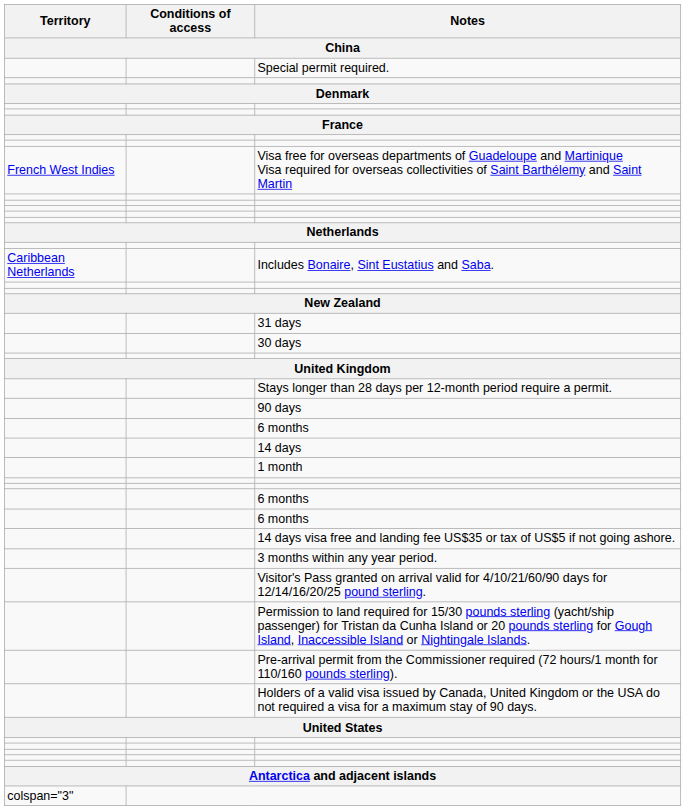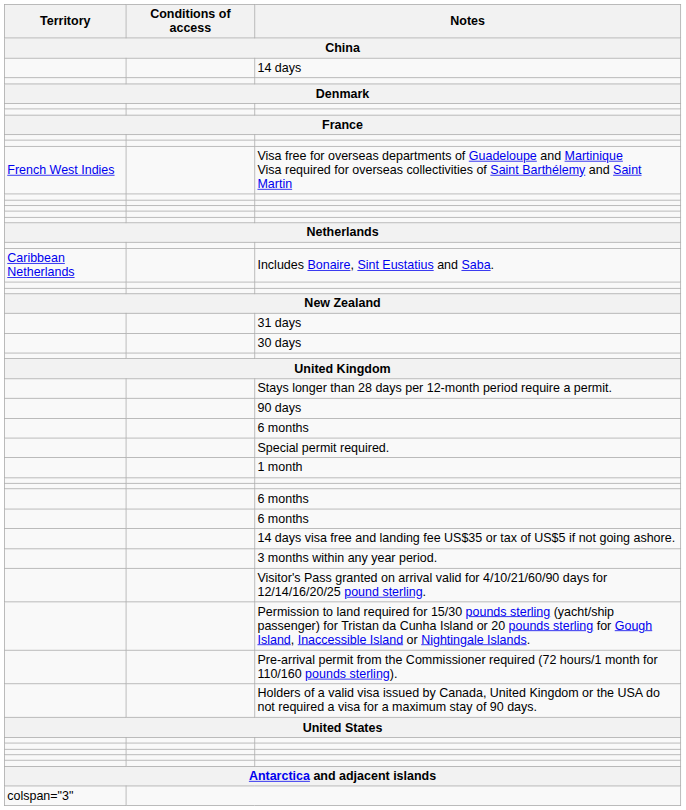 <table class="wikitable" style="text-align: left; table-layout: fixed;">
 <tr>
 <th style="width:18%;">Territory</th>
 <th style="width:19%;">Conditions of access</th>
 <th>Notes</th>
 </tr>
 <tr>
 <th colspan="3">China</th>
 </tr>
 <tr>
 <td></td>
 <td></td>
-<td>Special permit required.</td>
+<td>14 days</td>
 </tr>
 <tr>
 <td></td>
 <td></td>
 <td></td>
 </tr>
 <tr>
 <th colspan="3">Denmark</th>
 </tr>
 <tr>
 <td></td>
 <td></td>
 <td></td>
 </tr>
 <tr>
 <td></td>
 <td></td>
 <td></td>
 </tr>
 <tr>
 <th colspan="3">France</th>
 </tr>
 <tr>
 <td></td>
 <td></td>
 <td></td>
 </tr>
 <tr>
 <td></td>
 <td></td>
 <td></td>
 </tr>
 <tr>
 <td> <a href='#'>French West Indies</a></td>
 <td></td>
 <td>Visa free for overseas departments of <a href='#'>Guadeloupe</a> and <a href='#'>Martinique</a><br> Visa required for overseas collectivities of <a href='#'>Saint Barthélemy</a> and <a href='#'>Saint Martin</a></td>
 </tr>
 <tr>
 <td></td>
 <td></td>
 <td></td>
 </tr>
 <tr>
 <td></td>
 <td></td>
 <td></td>
 </tr>
 <tr>
 <td></td>
 <td></td>
 <td></td>
 </tr>
 <tr>
 <td></td>
 <td></td>
 <td></td>
 </tr>
 <tr>
 <td></td>
 <td></td>
 <td></td>
 </tr>
 <tr>
 <th colspan="3">Netherlands</th>
 </tr>
 <tr>
 <td></td>
 <td></td>
 <td></td>
 </tr>
 <tr>
 <td> <a href='#'>Caribbean Netherlands</a></td>
 <td></td>
 <td>Includes <a href='#'>Bonaire</a>, <a href='#'>Sint Eustatius</a> and <a href='#'>Saba</a>.</td>
 </tr>
 <tr>
 <td></td>
 <td></td>
 <td></td>
 </tr>
 <tr>
 <td></td>
 <td></td>
 <td></td>
 </tr>
 <tr>
 <th colspan="3">New Zealand</th>
 </tr>
 <tr>
 <td></td>
 <td></td>
 <td>31 days</td>
 </tr>
 <tr>
 <td></td>
 <td></td>
 <td>30 days</td>
 </tr>
 <tr>
 <td></td>
 <td></td>
 <td></td>
 </tr>
 <tr>
 <th colspan="3">United Kingdom</th>
 </tr>
 <tr>
 <td></td>
 <td></td>
 <td>Stays longer than 28 days per 12-month period require a permit.</td>
 </tr>
 <tr>
 <td></td>
 <td></td>
 <td>90 days</td>
 </tr>
 <tr>
 <td></td>
 <td></td>
 <td>6 months</td>
 </tr>
 <tr>
 <td></td>
 <td></td>
-<td>14 days</td>
+<td>Special permit required.</td>
 </tr>
 <tr>
 <td></td>
 <td></td>
 <td>1 month</td>
 </tr>
 <tr>
 <td></td>
 <td></td>
 <td></td>
 </tr>
 <tr>
 <td></td>
 <td></td>
 <td></td>
 </tr>
 <tr>
 <td></td>
 <td></td>
 <td>6 months</td>
 </tr>
 <tr>
 <td></td>
 <td></td>
 <td>6 months</td>
 </tr>
 <tr>
 <td></td>
 <td></td>
 <td>14 days visa free and landing fee US$35 or tax of US$5 if not going ashore.</td>
 </tr>
 <tr>
 <td></td>
 <td></td>
 <td>3 months within any year period.</td>
 </tr>
 <tr>
 <td></td>
 <td></td>
 <td>Visitor's Pass granted on arrival valid for 4/10/21/60/90 days for 12/14/16/20/25 <a href='#'>pound sterling</a>.</td>
 </tr>
 <tr>
 <td></td>
 <td></td>
 <td>Permission to land required for 15/30 <a href='#'>pounds sterling</a> (yacht/ship passenger) for Tristan da Cunha Island or 20 <a href='#'>pounds sterling</a> for <a href='#'>Gough Island</a>, <a href='#'>Inaccessible Island</a> or <a href='#'>Nightingale Islands</a>.</td>
 </tr>
 <tr>
 <td></td>
 <td></td>
 <td>Pre-arrival permit from the Commissioner required (72 hours/1 month for 110/160 <a href='#'>pounds sterling</a>).</td>
 </tr>
 <tr>
 <td></td>
 <td></td>
 <td>Holders of a valid visa issued by Canada, United Kingdom or the USA do not required a visa for a maximum stay of 90 days.</td>
 </tr>
 <tr>
 <th colspan="3">United States</th>
 </tr>
 <tr>
 <td></td>
 <td></td>
 <td></td>
 </tr>
 <tr>
 <td></td>
 <td></td>
 <td></td>
 </tr>
 <tr>
 <td></td>
 <td></td>
 <td></td>
 </tr>
 <tr>
 <td></td>
 <td></td>
 <td></td>
 </tr>
 <tr>
 <td></td>
 <td></td>
 <td></td>
 </tr>
 <tr>
 <th colspan="3"><a href='#'>Antarctica</a> and adjacent islands</th>
 </tr>
 <tr>
 <td>colspan="3" </td>
 </tr>
 </table>
